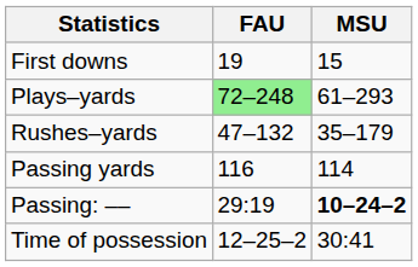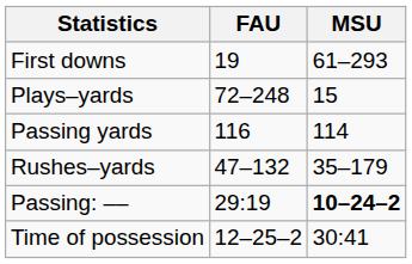 <table class="wikitable" style="float:left">
 <tr>
 <th>Statistics</th>
 <th>FAU</th>
 <th>MSU</th>
 </tr>
 <tr>
 <td>First downs</td>
 <td>19</td>
+<td>61–293</td>
+</tr>
+<tr>
+<td>Plays–yards</td>
+<td>72–248</td>
 <td>15</td>
 </tr>
 <tr>
-<td>Plays–yards</td>
-<td style="background: lightgreen;">72–248</td>
-<td>61–293</td>
+<td>Passing yards</td>
+<td>116</td>
+<td>114</td>
 </tr>
 <tr>
 <td>Rushes–yards</td>
 <td>47–132</td>
 <td>35–179</td>
-</tr>
-<tr>
-<td>Passing yards</td>
-<td>116</td>
-<td>114</td>
 </tr>
 <tr>
 <td>Passing: ––</td>
 <td>29:19</td>
 <td><strong>10–24–2</strong></td>
 </tr>
 <tr>
 <td>Time of possession</td>
 <td>12–25–2</td>
 <td>30:41</td>
 </tr>
 </table>
